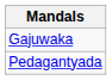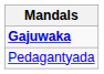 <table class="wikitable sortable static-row-numbers static-row-header-hash">
 <tr>
 <th>Mandals</th>
 </tr>
 <tr>
-<td><a href='#'>Gajuwaka</a></td>
+<td><strong><a href='#'>Gajuwaka</a></strong></td>
 </tr>
 <tr>
 <td><a href='#'>Pedagantyada</a></td>
 </tr>
 </table>
